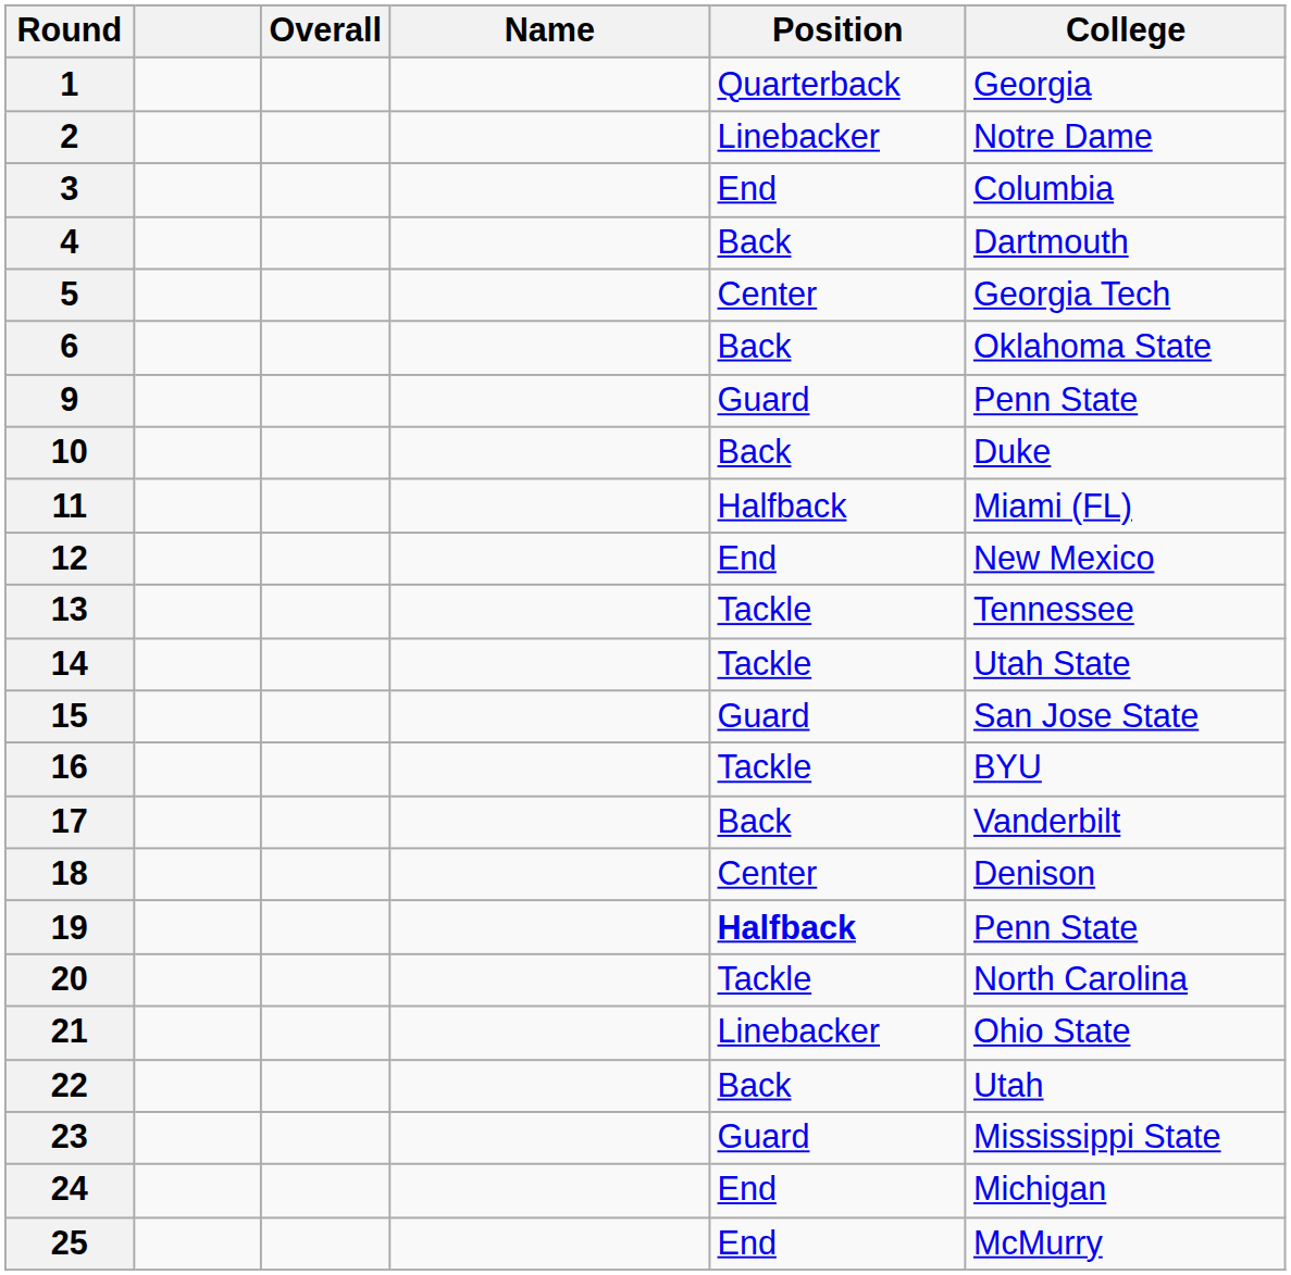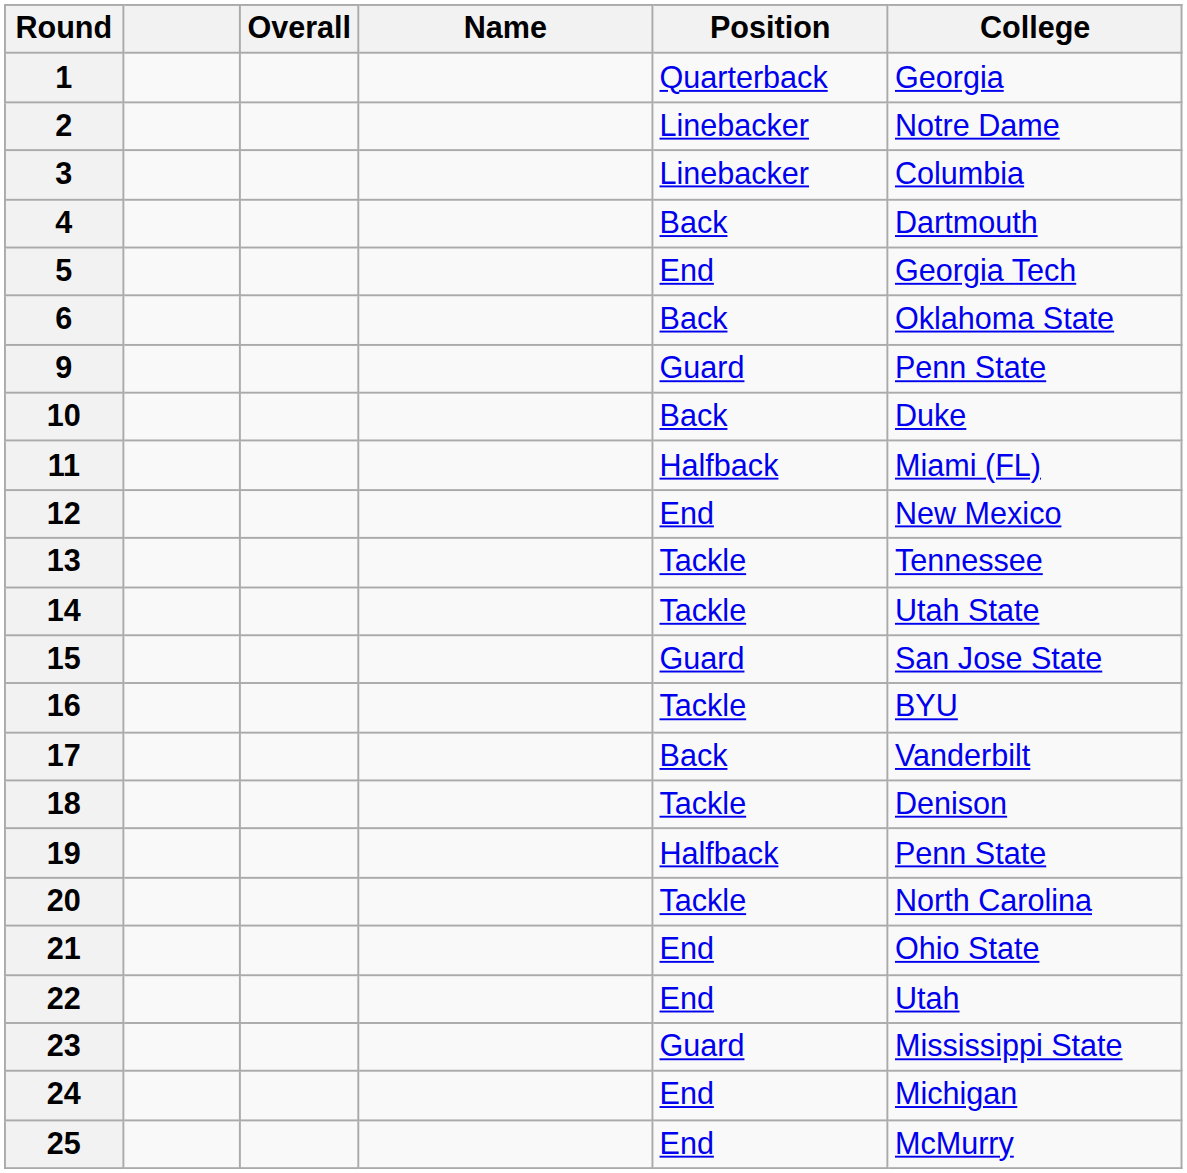 <table class="wikitable sortable">
 <tr>
 <th scope="col" style="width: 10%;">Round</th>
 <th scope="col" style="width: 10%;"></th>
 <th scope="col" style="width: 10%;">Overall</th>
 <th scope="col" style="width: 25%;">Name</th>
 <th scope="col" style="width: 20%;">Position</th>
 <th scope="col" style="width: 25%;">College</th>
 </tr>
 <tr>
 <th scope="row">1</th>
 <td></td>
 <td></td>
 <td></td>
 <td><a href='#'>Quarterback</a></td>
 <td><a href='#'>Georgia</a></td>
 </tr>
 <tr>
 <th scope="row">2</th>
 <td></td>
 <td></td>
 <td></td>
 <td><a href='#'>Linebacker</a></td>
 <td><a href='#'>Notre Dame</a></td>
 </tr>
 <tr>
 <th scope="row">3</th>
 <td></td>
 <td></td>
 <td></td>
-<td><a href='#'>End</a></td>
+<td><a href='#'>Linebacker</a></td>
 <td><a href='#'>Columbia</a></td>
 </tr>
 <tr>
 <th scope="row">4</th>
 <td></td>
 <td></td>
 <td></td>
 <td><a href='#'>Back</a></td>
 <td><a href='#'>Dartmouth</a></td>
 </tr>
 <tr>
 <th scope="row">5</th>
 <td></td>
 <td></td>
 <td></td>
-<td><a href='#'>Center</a></td>
+<td><a href='#'>End</a></td>
 <td><a href='#'>Georgia Tech</a></td>
 </tr>
 <tr>
 <th scope="row">6</th>
 <td></td>
 <td></td>
 <td></td>
 <td><a href='#'>Back</a></td>
 <td><a href='#'>Oklahoma State</a></td>
 </tr>
 <tr>
 <th scope="row">9</th>
 <td></td>
 <td></td>
 <td></td>
 <td><a href='#'>Guard</a></td>
 <td><a href='#'>Penn State</a></td>
 </tr>
 <tr>
 <th scope="row">10</th>
 <td></td>
 <td></td>
 <td></td>
 <td><a href='#'>Back</a></td>
 <td><a href='#'>Duke</a></td>
 </tr>
 <tr>
 <th scope="row">11</th>
 <td></td>
 <td></td>
 <td></td>
 <td><a href='#'>Halfback</a></td>
 <td><a href='#'>Miami (FL)</a></td>
 </tr>
 <tr>
 <th scope="row">12</th>
 <td></td>
 <td></td>
 <td></td>
 <td><a href='#'>End</a></td>
 <td><a href='#'>New Mexico</a></td>
 </tr>
 <tr>
 <th scope="row">13</th>
 <td></td>
 <td></td>
 <td></td>
 <td><a href='#'>Tackle</a></td>
 <td><a href='#'>Tennessee</a></td>
 </tr>
 <tr>
 <th scope="row">14</th>
 <td></td>
 <td></td>
 <td></td>
 <td><a href='#'>Tackle</a></td>
 <td><a href='#'>Utah State</a></td>
 </tr>
 <tr>
 <th scope="row">15</th>
 <td></td>
 <td></td>
 <td></td>
 <td><a href='#'>Guard</a></td>
 <td><a href='#'>San Jose State</a></td>
 </tr>
 <tr>
 <th scope="row">16</th>
 <td></td>
 <td></td>
 <td></td>
 <td><a href='#'>Tackle</a></td>
 <td><a href='#'>BYU</a></td>
 </tr>
 <tr>
 <th scope="row">17</th>
 <td></td>
 <td></td>
 <td></td>
 <td><a href='#'>Back</a></td>
 <td><a href='#'>Vanderbilt</a></td>
 </tr>
 <tr>
 <th scope="row">18</th>
 <td></td>
 <td></td>
 <td></td>
-<td><a href='#'>Center</a></td>
+<td><a href='#'>Tackle</a></td>
 <td><a href='#'>Denison</a></td>
 </tr>
 <tr>
 <th scope="row">19</th>
 <td></td>
 <td></td>
 <td></td>
-<td><strong><a href='#'>Halfback</a></strong></td>
+<td><a href='#'>Halfback</a></td>
 <td><a href='#'>Penn State</a></td>
 </tr>
 <tr>
 <th scope="row">20</th>
 <td></td>
 <td></td>
 <td></td>
 <td><a href='#'>Tackle</a></td>
 <td><a href='#'>North Carolina</a></td>
 </tr>
 <tr>
 <th scope="row">21</th>
 <td></td>
 <td></td>
 <td></td>
-<td><a href='#'>Linebacker</a></td>
+<td><a href='#'>End</a></td>
 <td><a href='#'>Ohio State</a></td>
 </tr>
 <tr>
 <th scope="row">22</th>
 <td></td>
 <td></td>
 <td></td>
-<td><a href='#'>Back</a></td>
+<td><a href='#'>End</a></td>
 <td><a href='#'>Utah</a></td>
 </tr>
 <tr>
 <th scope="row">23</th>
 <td></td>
 <td></td>
 <td></td>
 <td><a href='#'>Guard</a></td>
 <td><a href='#'>Mississippi State</a></td>
 </tr>
 <tr>
 <th scope="row">24</th>
 <td></td>
 <td></td>
 <td></td>
 <td><a href='#'>End</a></td>
 <td><a href='#'>Michigan</a></td>
 </tr>
 <tr>
 <th scope="row">25</th>
 <td></td>
 <td></td>
 <td></td>
 <td><a href='#'>End</a></td>
 <td><a href='#'>McMurry</a></td>
 </tr>
 </table>
